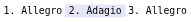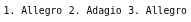 <table>
 <tr>
 <td colspan="3"></td>
 </tr>
 <tr>
 <td style="width: 33%; text-align: center;">1. Allegro</td>
-<td style="background: lavender; width: 33%; text-align: center;">2. Adagio</td>
+<td style="width: 33%; text-align: center;">2. Adagio</td>
 <td style="width: 33%; text-align: center;">3. Allegro</td>
 </tr>
 </table>
